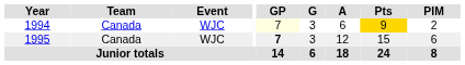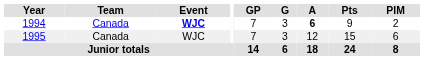 <table border="0" cellpadding="1" cellspacing="0" ID="Table3" style="text-align:center; width:40em">
 <tr bgcolor="#e0e0e0">
 <th>Year</th>
 <th>Team</th>
 <th>Event</th>
 <th rowspan="102" bgcolor="#ffffff"></th>
 <th>GP</th>
 <th>G</th>
 <th>A</th>
 <th>Pts</th>
 <th>PIM</th>
 </tr>
 <tr>
 <td><a href='#'>1994</a></td>
 <td><a href='#'>Canada</a></td>
-<td><a href='#'>WJC</a></td>
-<td style="background: lightyellow;">7</td>
+<td><strong><a href='#'>WJC</a></strong></td>
+<td>7</td>
 <td>3</td>
-<td>6</td>
-<td style="background: gold;">9</td>
+<td><strong>6</strong></td>
+<td>9</td>
 <td>2</td>
 </tr>
 <tr bgcolor="#f0f0f0">
 <td><a href='#'>1995</a></td>
 <td>Canada</td>
 <td>WJC</td>
-<td><strong>7</strong></td>
+<td>7</td>
 <td>3</td>
 <td>12</td>
 <td>15</td>
 <td>6</td>
 </tr>
 <tr bgcolor="#e0e0e0">
 <th colspan="4">Junior totals</th>
 <th>14</th>
 <th>6</th>
 <th>18</th>
 <th>24</th>
 <th>8</th>
 </tr>
 </table>
